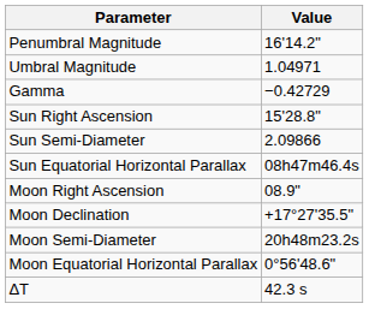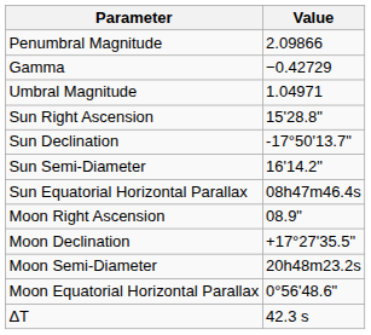 <table class="wikitable">
 <tr>
 <th>Parameter</th>
 <th>Value</th>
 </tr>
 <tr>
 <td>Penumbral Magnitude</td>
-<td>16'14.2"</td>
+<td>2.09866</td>
+</tr>
+<tr>
+<td>Gamma</td>
+<td>−0.42729</td>
 </tr>
 <tr>
 <td>Umbral Magnitude</td>
 <td>1.04971</td>
 </tr>
 <tr>
-<td>Gamma</td>
-<td>−0.42729</td>
-</tr>
-<tr>
 <td>Sun Right Ascension</td>
 <td>15'28.8"</td>
 </tr>
 <tr>
+<td>Sun Declination</td>
+<td>-17°50'13.7"</td>
+</tr>
+<tr>
 <td>Sun Semi-Diameter</td>
-<td>2.09866</td>
+<td>16'14.2"</td>
 </tr>
 <tr>
 <td>Sun Equatorial Horizontal Parallax</td>
 <td>08h47m46.4s</td>
 </tr>
 <tr>
 <td>Moon Right Ascension</td>
 <td>08.9"</td>
 </tr>
 <tr>
 <td>Moon Declination</td>
 <td>+17°27'35.5"</td>
 </tr>
 <tr>
 <td>Moon Semi-Diameter</td>
 <td>20h48m23.2s</td>
 </tr>
 <tr>
 <td>Moon Equatorial Horizontal Parallax</td>
 <td>0°56'48.6"</td>
 </tr>
 <tr>
 <td>ΔT</td>
 <td>42.3 s</td>
 </tr>
 </table>
